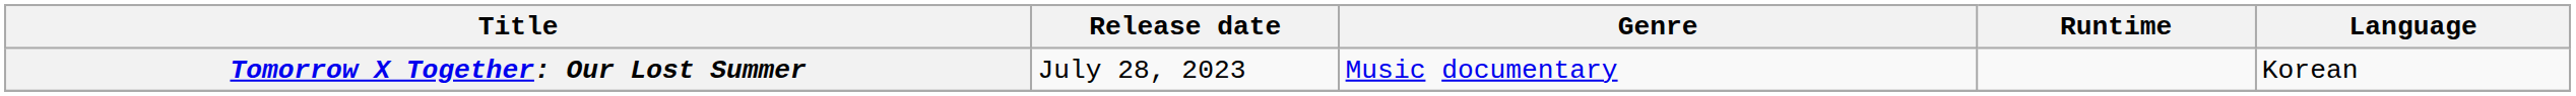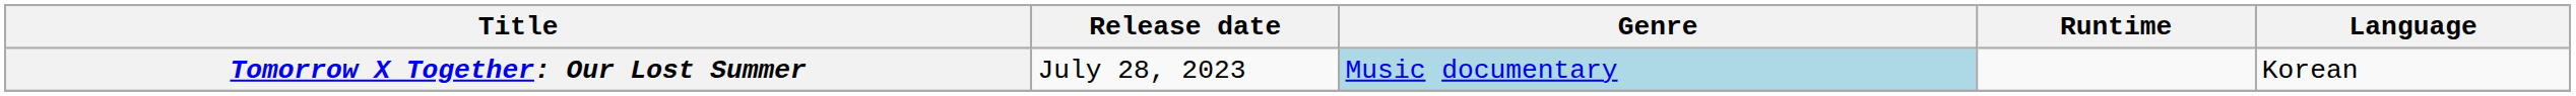 <table class="wikitable plainrowheaders sortable" style="width:99%;">
 <tr>
 <th scope="col" style="width:40%;">Title</th>
 <th scope="col" style="width:12%;">Release date</th>
 <th>Genre</th>
 <th>Runtime</th>
 <th>Language</th>
 </tr>
 <tr>
 <th scope="row"><em><a href='#'>Tomorrow X Together</a>: Our Lost Summer</em></th>
 <td>July 28, 2023</td>
-<td><a href='#'>Music</a> <a href='#'>documentary</a></td>
+<td style="background: lightblue;"><a href='#'>Music</a> <a href='#'>documentary</a></td>
 <td></td>
 <td>Korean</td>
 </tr>
 <tr>
 </tr>
 </table>
